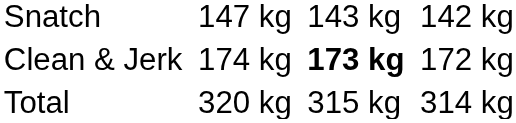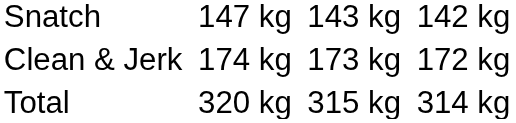 <table>
 <tr>
 <td>Snatch</td>
 <td></td>
 <td>147 kg</td>
 <td></td>
 <td>143 kg</td>
 <td></td>
 <td>142 kg</td>
 </tr>
 <tr>
 <td>Clean & Jerk</td>
 <td></td>
 <td>174 kg</td>
 <td></td>
-<td><strong>173 kg</strong></td>
+<td>173 kg</td>
 <td></td>
 <td>172 kg</td>
 </tr>
 <tr>
 <td>Total</td>
 <td></td>
 <td>320 kg</td>
 <td></td>
 <td>315 kg</td>
 <td></td>
 <td>314 kg</td>
 </tr>
 </table>
